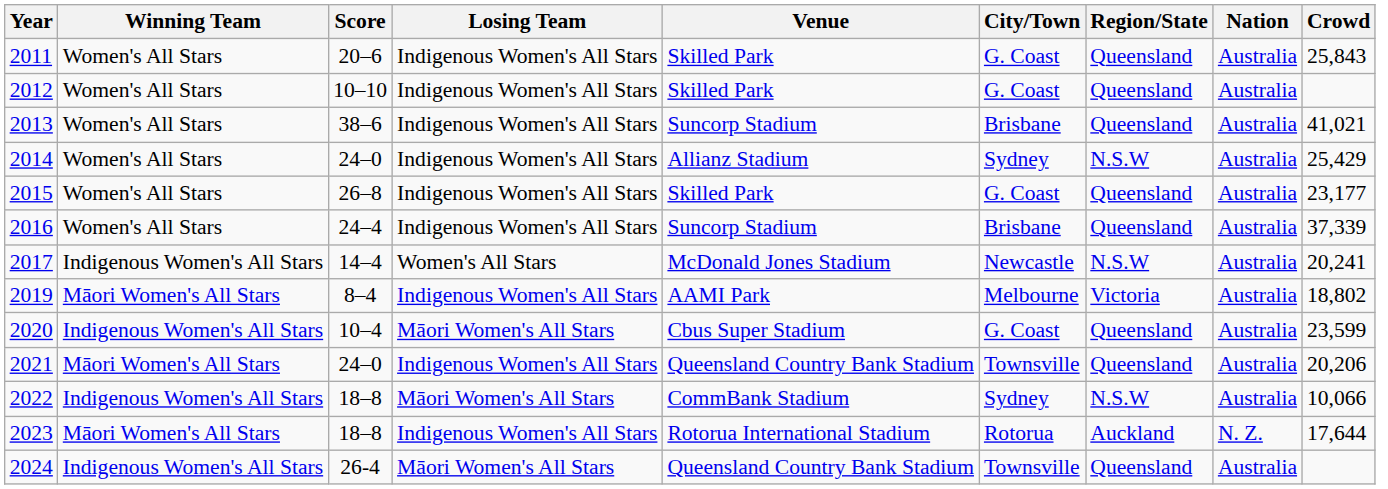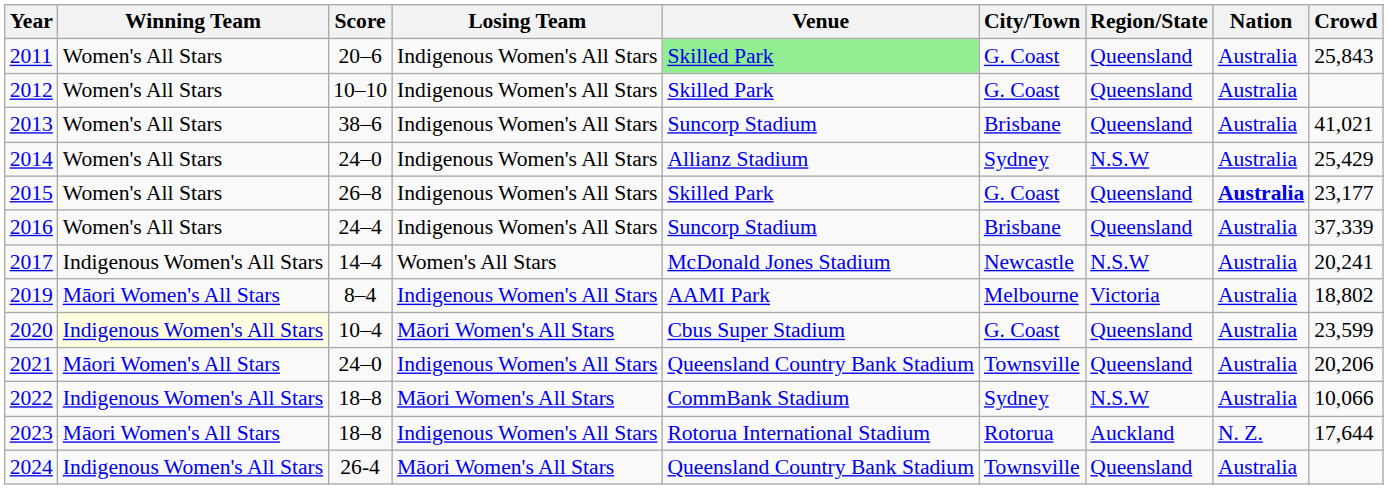 <table class="wikitable">
 <tr>
 <th>Year</th>
 <th>Winning Team</th>
 <th>Score</th>
 <th>Losing Team</th>
 <th>Venue</th>
 <th>City/Town</th>
 <th>Region/State</th>
 <th>Nation</th>
 <th>Crowd</th>
 </tr>
 <tr>
 <td><a href='#'>2011</a></td>
 <td>Women's All Stars</td>
 <td style="text-align:center">20–6</td>
 <td>Indigenous Women's All Stars</td>
-<td><a href='#'>Skilled Park</a></td>
+<td style="background: lightgreen;"><a href='#'>Skilled Park</a></td>
 <td><a href='#'>G. Coast</a></td>
 <td><a href='#'>Queensland</a></td>
 <td><a href='#'>Australia</a></td>
 <td>25,843</td>
 </tr>
 <tr>
 <td><a href='#'>2012</a></td>
 <td>Women's All Stars</td>
 <td style="text-align:center">10–10</td>
 <td>Indigenous Women's All Stars</td>
 <td><a href='#'>Skilled Park</a></td>
 <td><a href='#'>G. Coast</a></td>
 <td><a href='#'>Queensland</a></td>
 <td><a href='#'>Australia</a></td>
 <td></td>
 </tr>
 <tr>
 <td><a href='#'>2013</a></td>
 <td>Women's All Stars</td>
 <td style="text-align:center">38–6</td>
 <td>Indigenous Women's All Stars</td>
 <td><a href='#'>Suncorp Stadium</a></td>
 <td><a href='#'>Brisbane</a></td>
 <td><a href='#'>Queensland</a></td>
 <td><a href='#'>Australia</a></td>
 <td>41,021</td>
 </tr>
 <tr>
 <td><a href='#'>2014</a></td>
 <td>Women's All Stars</td>
 <td style="text-align:center">24–0</td>
 <td>Indigenous Women's All Stars</td>
 <td><a href='#'>Allianz Stadium</a></td>
 <td><a href='#'>Sydney</a></td>
 <td><a href='#'>N.S.W</a></td>
 <td><a href='#'>Australia</a></td>
 <td>25,429</td>
 </tr>
 <tr>
 <td><a href='#'>2015</a></td>
 <td>Women's All Stars</td>
 <td style="text-align:center">26–8</td>
 <td>Indigenous Women's All Stars</td>
 <td><a href='#'>Skilled Park</a></td>
 <td><a href='#'>G. Coast</a></td>
 <td><a href='#'>Queensland</a></td>
-<td><a href='#'>Australia</a></td>
+<td><strong><a href='#'>Australia</a></strong></td>
 <td>23,177</td>
 </tr>
 <tr>
 <td><a href='#'>2016</a></td>
 <td>Women's All Stars</td>
 <td style="text-align:center">24–4</td>
 <td>Indigenous Women's All Stars</td>
 <td><a href='#'>Suncorp Stadium</a></td>
 <td><a href='#'>Brisbane</a></td>
 <td><a href='#'>Queensland</a></td>
 <td><a href='#'>Australia</a></td>
 <td>37,339</td>
 </tr>
 <tr>
 <td><a href='#'>2017</a></td>
 <td>Indigenous Women's All Stars</td>
 <td style="text-align:center">14–4</td>
 <td>Women's All Stars</td>
 <td><a href='#'>McDonald Jones Stadium</a></td>
 <td><a href='#'>Newcastle</a></td>
 <td><a href='#'>N.S.W</a></td>
 <td><a href='#'>Australia</a></td>
 <td>20,241</td>
 </tr>
 <tr>
 <td><a href='#'>2019</a></td>
 <td><a href='#'>Māori Women's All Stars</a></td>
 <td style="text-align:center">8–4</td>
 <td><a href='#'>Indigenous Women's All Stars</a></td>
 <td><a href='#'>AAMI Park</a></td>
 <td><a href='#'>Melbourne</a></td>
 <td><a href='#'>Victoria</a></td>
 <td><a href='#'>Australia</a></td>
 <td>18,802</td>
 </tr>
 <tr>
 <td><a href='#'>2020</a></td>
-<td><a href='#'>Indigenous Women's All Stars</a></td>
+<td style="background: lightyellow;"><a href='#'>Indigenous Women's All Stars</a></td>
 <td style="text-align:center">10–4</td>
 <td><a href='#'>Māori Women's All Stars</a></td>
 <td><a href='#'>Cbus Super Stadium</a></td>
 <td><a href='#'>G. Coast</a></td>
 <td><a href='#'>Queensland</a></td>
 <td><a href='#'>Australia</a></td>
 <td>23,599</td>
 </tr>
 <tr>
 <td><a href='#'>2021</a></td>
 <td><a href='#'>Māori Women's All Stars</a></td>
 <td style="text-align:center">24–0</td>
 <td><a href='#'>Indigenous Women's All Stars</a></td>
 <td><a href='#'>Queensland Country Bank Stadium</a></td>
 <td><a href='#'>Townsville</a></td>
 <td><a href='#'>Queensland</a></td>
 <td><a href='#'>Australia</a></td>
 <td>20,206</td>
 </tr>
 <tr>
 <td><a href='#'>2022</a></td>
 <td><a href='#'>Indigenous Women's All Stars</a></td>
 <td style="text-align:center">18–8</td>
 <td><a href='#'>Māori Women's All Stars</a></td>
 <td><a href='#'>CommBank Stadium</a></td>
 <td><a href='#'>Sydney</a></td>
 <td><a href='#'>N.S.W</a></td>
 <td><a href='#'>Australia</a></td>
 <td>10,066</td>
 </tr>
 <tr>
 <td><a href='#'>2023</a></td>
 <td><a href='#'>Māori Women's All Stars</a></td>
 <td style="text-align:center">18–8</td>
 <td><a href='#'>Indigenous Women's All Stars</a></td>
 <td><a href='#'>Rotorua International Stadium</a></td>
 <td><a href='#'>Rotorua</a></td>
 <td><a href='#'>Auckland</a></td>
 <td><a href='#'>N. Z.</a></td>
 <td>17,644</td>
 </tr>
 <tr>
 <td><a href='#'>2024</a></td>
 <td><a href='#'>Indigenous Women's All Stars</a></td>
 <td style="text-align:center">26-4</td>
 <td><a href='#'>Māori Women's All Stars</a></td>
 <td><a href='#'>Queensland Country Bank Stadium</a></td>
 <td><a href='#'>Townsville</a></td>
 <td><a href='#'>Queensland</a></td>
 <td><a href='#'>Australia</a></td>
 <td></td>
 </tr>
 </table>
